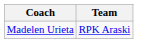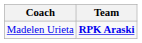 <table class="wikitable">
 <tr>
 <th style="text-align:center;">Coach</th>
 <th style="text-align:center;">Team</th>
 </tr>
 <tr>
 <td> <a href='#'>Madelen Urieta</a></td>
-<td><a href='#'>RPK Araski</a></td>
+<td><strong><a href='#'>RPK Araski</a></strong></td>
 </tr>
 </table>
